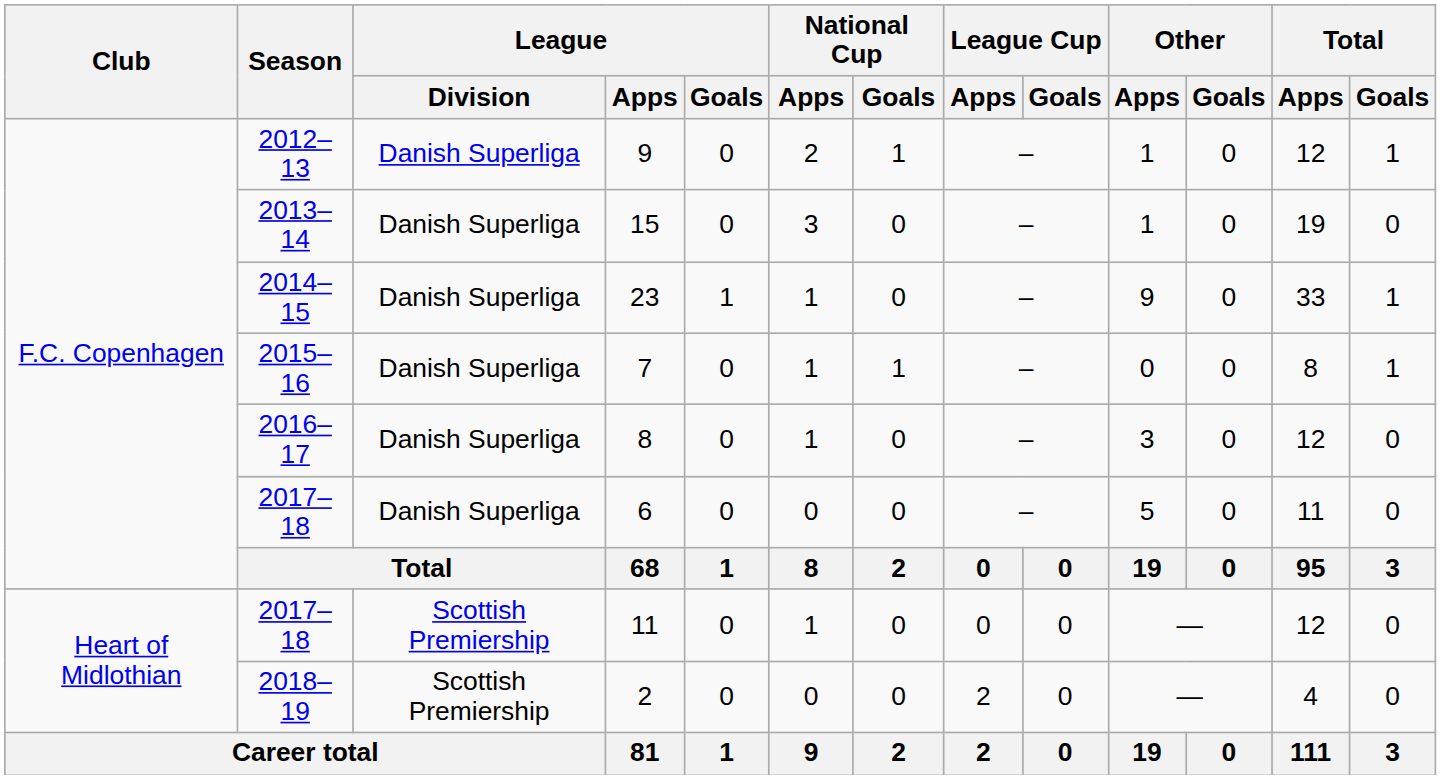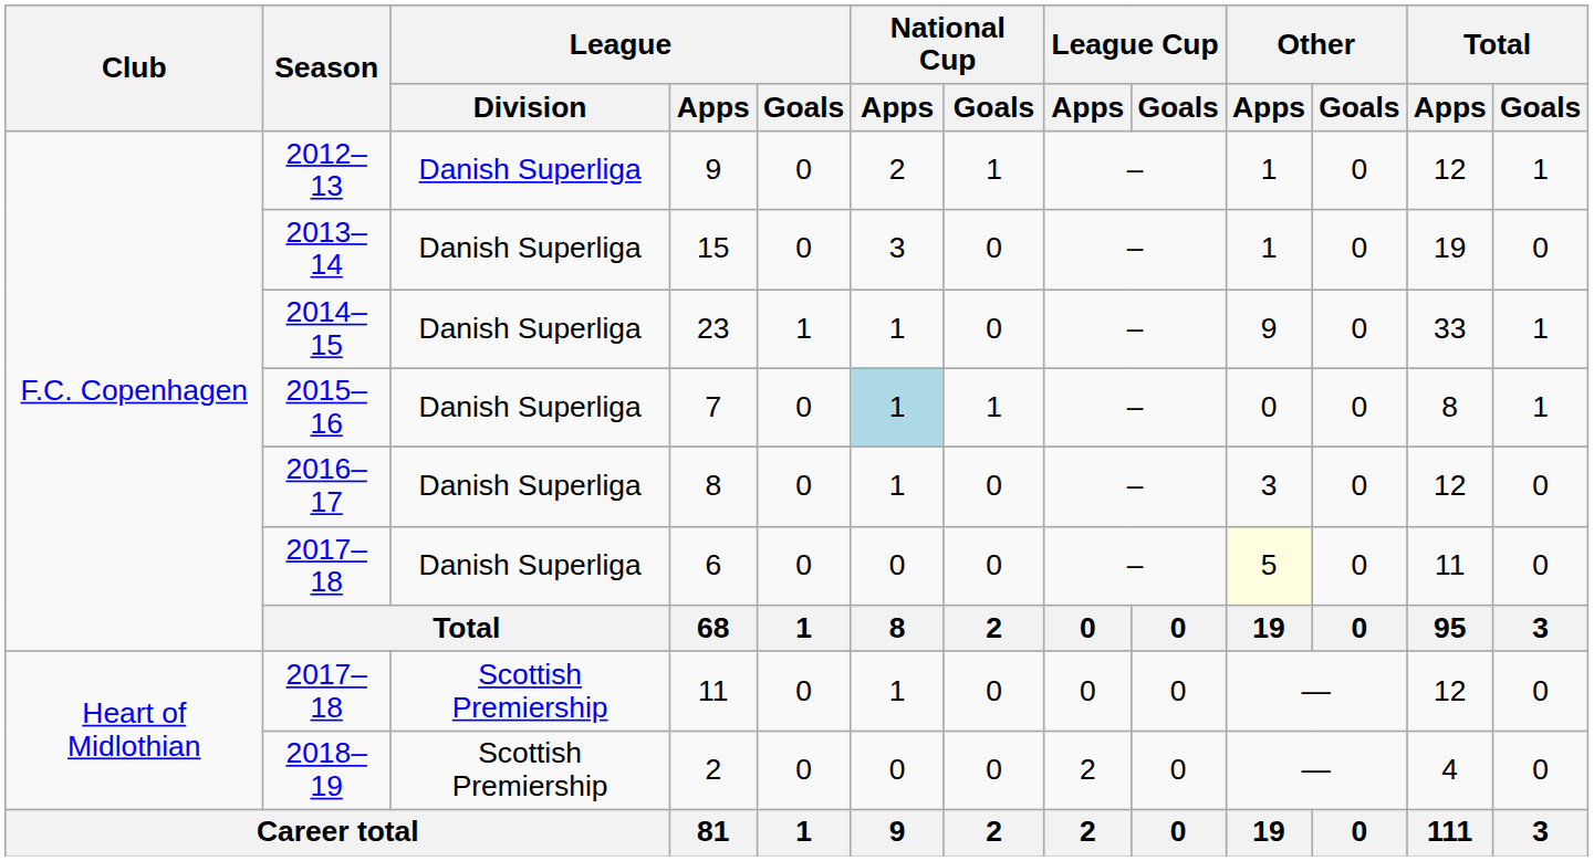 <table class="wikitable" style="text-align:center">
 <tr>
 <th rowspan="2">Club</th>
 <th rowspan="2">Season</th>
 <th colspan="3">League</th>
 <th colspan="2">National Cup</th>
 <th colspan="2">League Cup</th>
 <th colspan="2">Other</th>
 <th colspan="2">Total</th>
 </tr>
 <tr>
 <th>Division</th>
 <th>Apps</th>
 <th>Goals</th>
 <th>Apps</th>
 <th>Goals</th>
 <th>Apps</th>
 <th>Goals</th>
 <th>Apps</th>
 <th>Goals</th>
 <th>Apps</th>
 <th>Goals</th>
 </tr>
 <tr>
 <td rowspan="7"><a href='#'>F.C. Copenhagen</a></td>
 <td><a href='#'>2012–13</a></td>
 <td><a href='#'>Danish Superliga</a></td>
 <td>9</td>
 <td>0</td>
 <td>2</td>
 <td>1</td>
 <td colspan=2>–</td>
 <td>1</td>
 <td>0</td>
 <td>12</td>
 <td>1</td>
 </tr>
 <tr>
 <td><a href='#'>2013–14</a></td>
 <td>Danish Superliga</td>
 <td>15</td>
 <td>0</td>
 <td>3</td>
 <td>0</td>
 <td colspan=2>–</td>
 <td>1</td>
 <td>0</td>
 <td>19</td>
 <td>0</td>
 </tr>
 <tr>
 <td><a href='#'>2014–15</a></td>
 <td>Danish Superliga</td>
 <td>23</td>
 <td>1</td>
 <td>1</td>
 <td>0</td>
 <td colspan=2>–</td>
 <td>9</td>
 <td>0</td>
 <td>33</td>
 <td>1</td>
 </tr>
 <tr>
 <td><a href='#'>2015–16</a></td>
 <td>Danish Superliga</td>
 <td>7</td>
 <td>0</td>
-<td>1</td>
+<td style="background: lightblue;">1</td>
 <td>1</td>
 <td colspan=2>–</td>
 <td>0</td>
 <td>0</td>
 <td>8</td>
 <td>1</td>
 </tr>
 <tr>
 <td><a href='#'>2016–17</a></td>
 <td>Danish Superliga</td>
 <td>8</td>
 <td>0</td>
 <td>1</td>
 <td>0</td>
 <td colspan=2>–</td>
 <td>3</td>
 <td>0</td>
 <td>12</td>
 <td>0</td>
 </tr>
 <tr>
 <td><a href='#'>2017–18</a></td>
 <td>Danish Superliga</td>
 <td>6</td>
 <td>0</td>
 <td>0</td>
 <td>0</td>
 <td colspan=2>–</td>
-<td>5</td>
+<td style="background: lightyellow;">5</td>
 <td>0</td>
 <td>11</td>
 <td>0</td>
 </tr>
 <tr>
 <th colspan="2">Total</th>
 <th>68</th>
 <th>1</th>
 <th>8</th>
 <th>2</th>
 <th>0</th>
 <th>0</th>
 <th>19</th>
 <th>0</th>
 <th>95</th>
 <th>3</th>
 </tr>
 <tr>
 <td rowspan="2"><a href='#'>Heart of Midlothian</a></td>
 <td><a href='#'>2017–18</a></td>
 <td><a href='#'>Scottish Premiership</a></td>
 <td>11</td>
 <td>0</td>
 <td>1</td>
 <td>0</td>
 <td>0</td>
 <td>0</td>
 <td colspan="2">—</td>
 <td>12</td>
 <td>0</td>
 </tr>
 <tr>
 <td><a href='#'>2018–19</a></td>
 <td>Scottish Premiership</td>
 <td>2</td>
 <td>0</td>
 <td>0</td>
 <td>0</td>
 <td>2</td>
 <td>0</td>
 <td colspan="2">—</td>
 <td>4</td>
 <td>0</td>
 </tr>
 <tr>
 <th colspan="3">Career total</th>
 <th>81</th>
 <th>1</th>
 <th>9</th>
 <th>2</th>
 <th>2</th>
 <th>0</th>
 <th>19</th>
 <th>0</th>
 <th>111</th>
 <th>3</th>
 </tr>
 </table>
